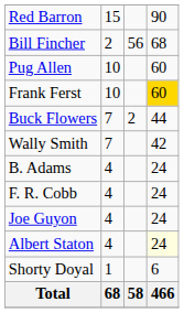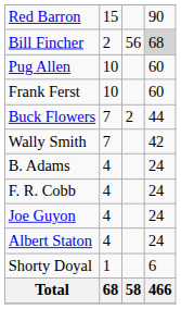 <table class="wikitable sortable" style="text-align:left;">
 <tr>
 </tr>
 <tr>
 <td><a href='#'>Red Barron</a></td>
 <td>15</td>
 <td></td>
 <td>90</td>
 </tr>
 <tr>
 <td><a href='#'>Bill Fincher</a></td>
 <td>2</td>
 <td>56</td>
-<td>68</td>
+<td style="background: lightgrey;">68</td>
 </tr>
 <tr>
 <td><a href='#'>Pug Allen</a></td>
 <td>10</td>
 <td></td>
 <td>60</td>
 </tr>
 <tr>
 <td>Frank Ferst</td>
 <td>10</td>
 <td></td>
-<td style="background: gold;">60</td>
+<td>60</td>
 </tr>
 <tr>
 <td><a href='#'>Buck Flowers</a></td>
 <td>7</td>
 <td>2</td>
 <td>44</td>
 </tr>
 <tr>
 <td>Wally Smith</td>
 <td>7</td>
 <td></td>
 <td>42</td>
 </tr>
 <tr>
 <td>B. Adams</td>
 <td>4</td>
 <td></td>
 <td>24</td>
 </tr>
 <tr>
 <td>F. R. Cobb</td>
 <td>4</td>
 <td></td>
 <td>24</td>
 </tr>
 <tr>
 <td><a href='#'>Joe Guyon</a></td>
 <td>4</td>
 <td></td>
 <td>24</td>
 </tr>
 <tr>
 <td><a href='#'>Albert Staton</a></td>
 <td>4</td>
 <td></td>
-<td style="background: lightyellow;">24</td>
+<td>24</td>
 </tr>
 <tr>
 <td>Shorty Doyal</td>
 <td>1</td>
 <td></td>
 <td>6</td>
 </tr>
 <tr>
 <th>Total</th>
 <th>68</th>
 <th>58</th>
 <th>466</th>
 </tr>
 <tr>
 </tr>
 </table>
